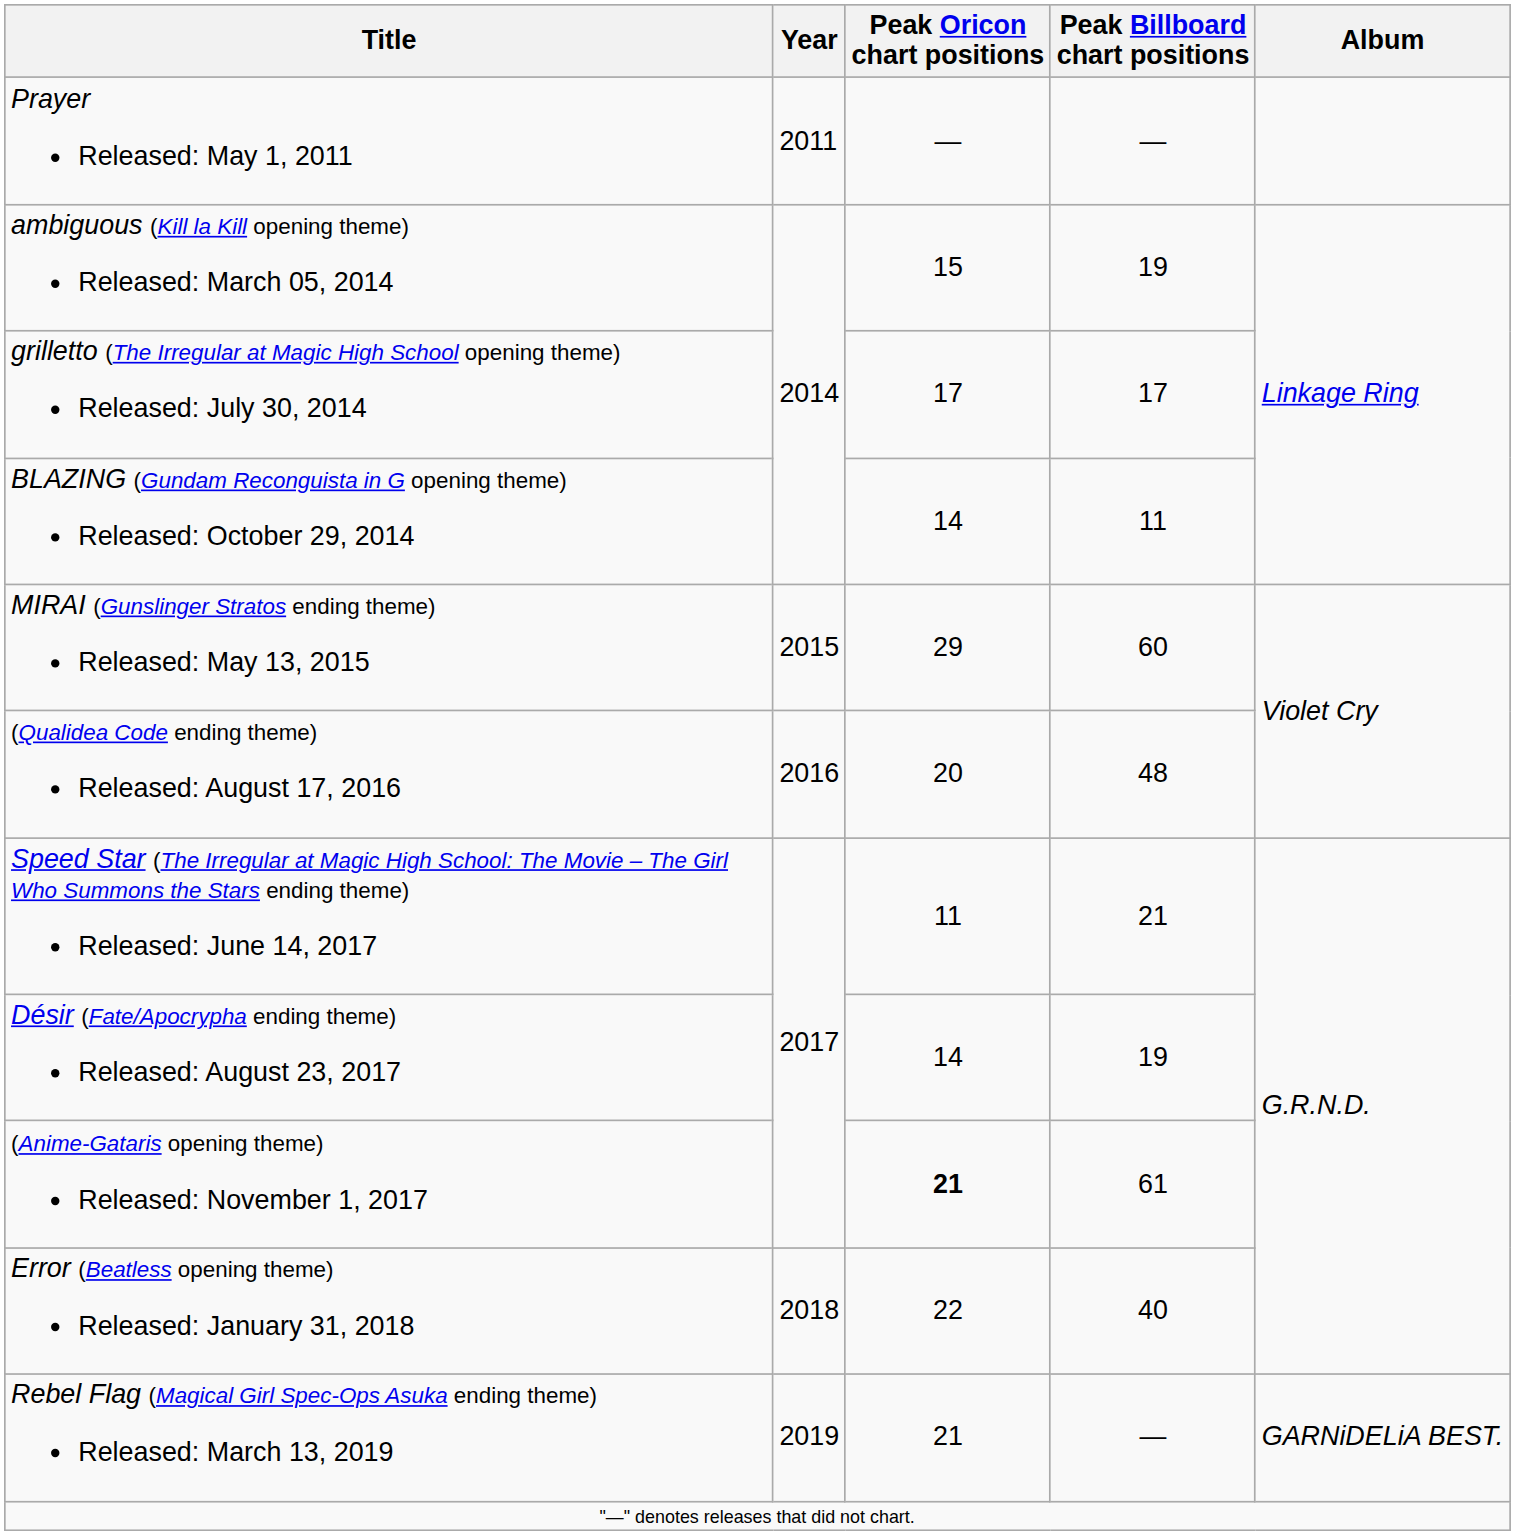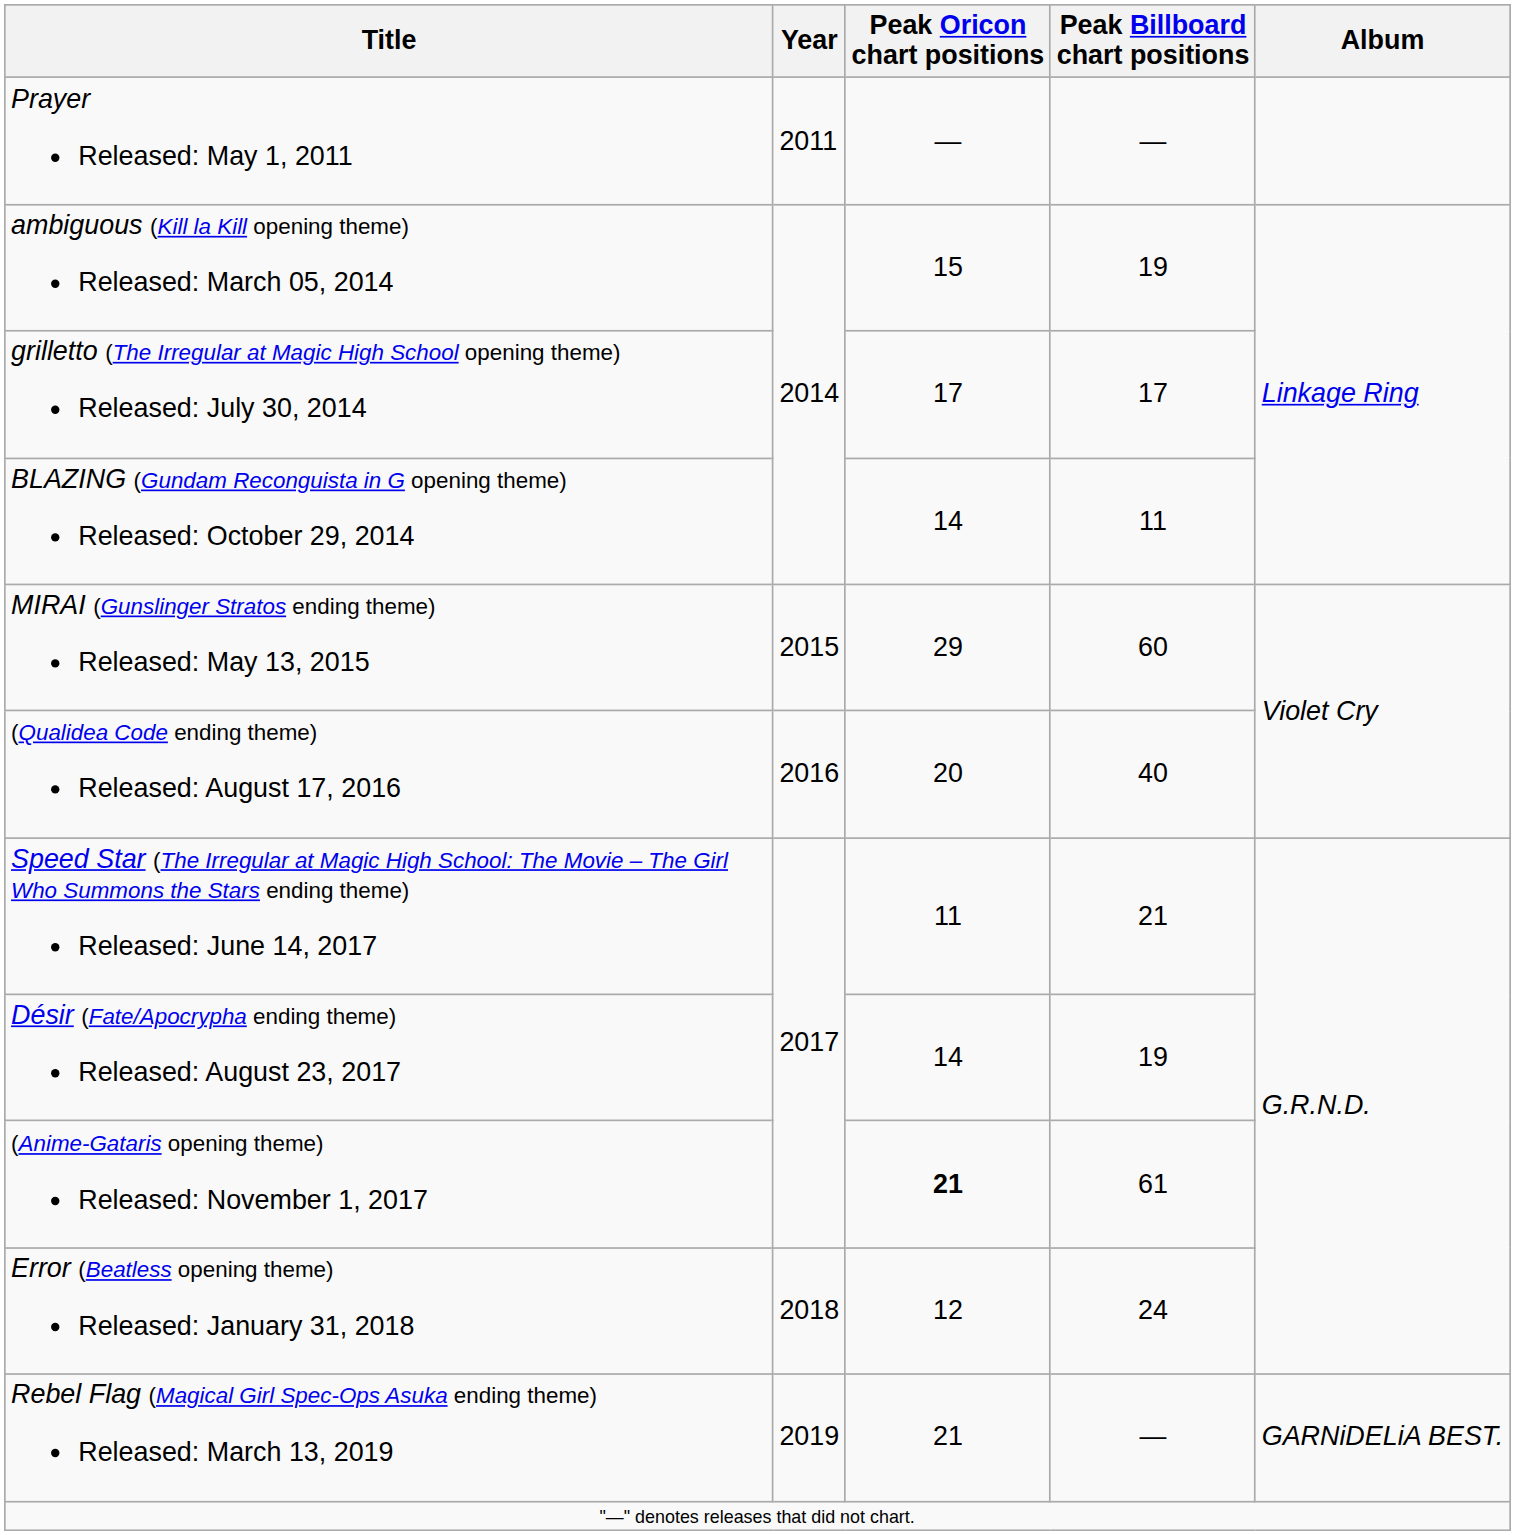 <table class="wikitable" border="1">
 <tr>
 <th rowspan="1" width="450">Title</th>
 <th rowspan="1">Year</th>
 <th colspan="1">Peak <a href='#'>Oricon</a><br> chart positions</th>
 <th colspan="1">Peak <a href='#'>Billboard</a><br> chart positions</th>
 <th rowspan="1">Album</th>
 </tr>
 <tr>
 <td align="left"><em>Prayer</em><br><ul><li>Released: May 1, 2011</li></ul></td>
 <td rowspan="1">2011</td>
 <td align="center">—</td>
 <td align="center">—</td>
 <td></td>
 </tr>
 <tr>
 <td align="left:"><em>ambiguous</em> <small>(<em><a href='#'>Kill la Kill</a></em> opening theme)</small><br><ul><li>Released: March 05, 2014</li></ul></td>
 <td rowspan="3">2014</td>
 <td align="center">15</td>
 <td align="center">19</td>
 <td rowspan="3"><em><a href='#'>Linkage Ring</a></em></td>
 </tr>
 <tr>
 <td align="left"><em>grilletto</em> <small>(<em><a href='#'>The Irregular at Magic High School</a></em> opening theme)</small><br><ul><li>Released: July 30, 2014</li></ul></td>
 <td align="center">17</td>
 <td align="center">17</td>
 </tr>
 <tr>
 <td align="left"><em>BLAZING</em> <small>(<em><a href='#'>Gundam Reconguista in G</a></em> opening theme)</small><br><ul><li>Released: October 29, 2014</li></ul></td>
 <td align="center">14</td>
 <td align="center">11</td>
 </tr>
 <tr>
 <td align="left"><em>MIRAI</em> <small>(<em><a href='#'>Gunslinger Stratos</a></em> ending theme)</small><br><ul><li>Released: May 13, 2015</li></ul></td>
 <td rowspan="1">2015</td>
 <td align="center">29</td>
 <td align="center">60</td>
 <td rowspan="2"><em>Violet Cry</em></td>
 </tr>
 <tr>
 <td align="left"> <small>(<em><a href='#'>Qualidea Code</a></em> ending theme)</small><br><ul><li>Released: August 17, 2016</li></ul></td>
 <td rowspan="1">2016</td>
 <td align="center">20</td>
-<td align="center">48</td>
+<td align="center">40</td>
 </tr>
 <tr>
 <td align="left"><em><a href='#'>Speed Star</a></em> <small>(<em><a href='#'>The Irregular at Magic High School: The Movie – The Girl Who Summons the Stars</a></em> ending theme)</small><br><ul><li>Released: June 14, 2017</li></ul></td>
 <td rowspan="3">2017</td>
 <td align="center">11</td>
 <td align="center">21</td>
 <td rowspan="4"><em>G.R.N.D.</em></td>
 </tr>
 <tr>
 <td align="left"><em><a href='#'>Désir</a></em> <small>(<em><a href='#'>Fate/Apocrypha</a></em> ending theme)</small><br><ul><li>Released: August 23, 2017</li></ul></td>
 <td align="center">14</td>
 <td align="center">19</td>
 </tr>
 <tr>
 <td align="left"> <small>(<em><a href='#'>Anime-Gataris</a></em> opening theme)</small><br><ul><li>Released: November 1, 2017</li></ul></td>
 <td align="center"><strong>21</strong></td>
 <td align="center">61</td>
 </tr>
 <tr>
 <td align="left"><em>Error</em> <small>(<em><a href='#'>Beatless</a></em> opening theme)</small><br><ul><li>Released: January 31, 2018</li></ul></td>
 <td rowspan="1">2018</td>
-<td align="center">22</td>
-<td align="center">40</td>
+<td align="center">12</td>
+<td align="center">24</td>
 </tr>
 <tr>
 <td align="left"><em>Rebel Flag</em> <small>(<em><a href='#'>Magical Girl Spec-Ops Asuka</a></em> ending theme)</small><br><ul><li>Released: March 13, 2019</li></ul></td>
 <td rowspan="1">2019</td>
 <td align="center">21</td>
 <td align="center">—</td>
 <td><em>GARNiDELiA BEST.</em></td>
 </tr>
 <tr>
 <td align="center" colspan="13" style="font-size: 8pt">"—" denotes releases that did not chart.</td>
 </tr>
 </table>
